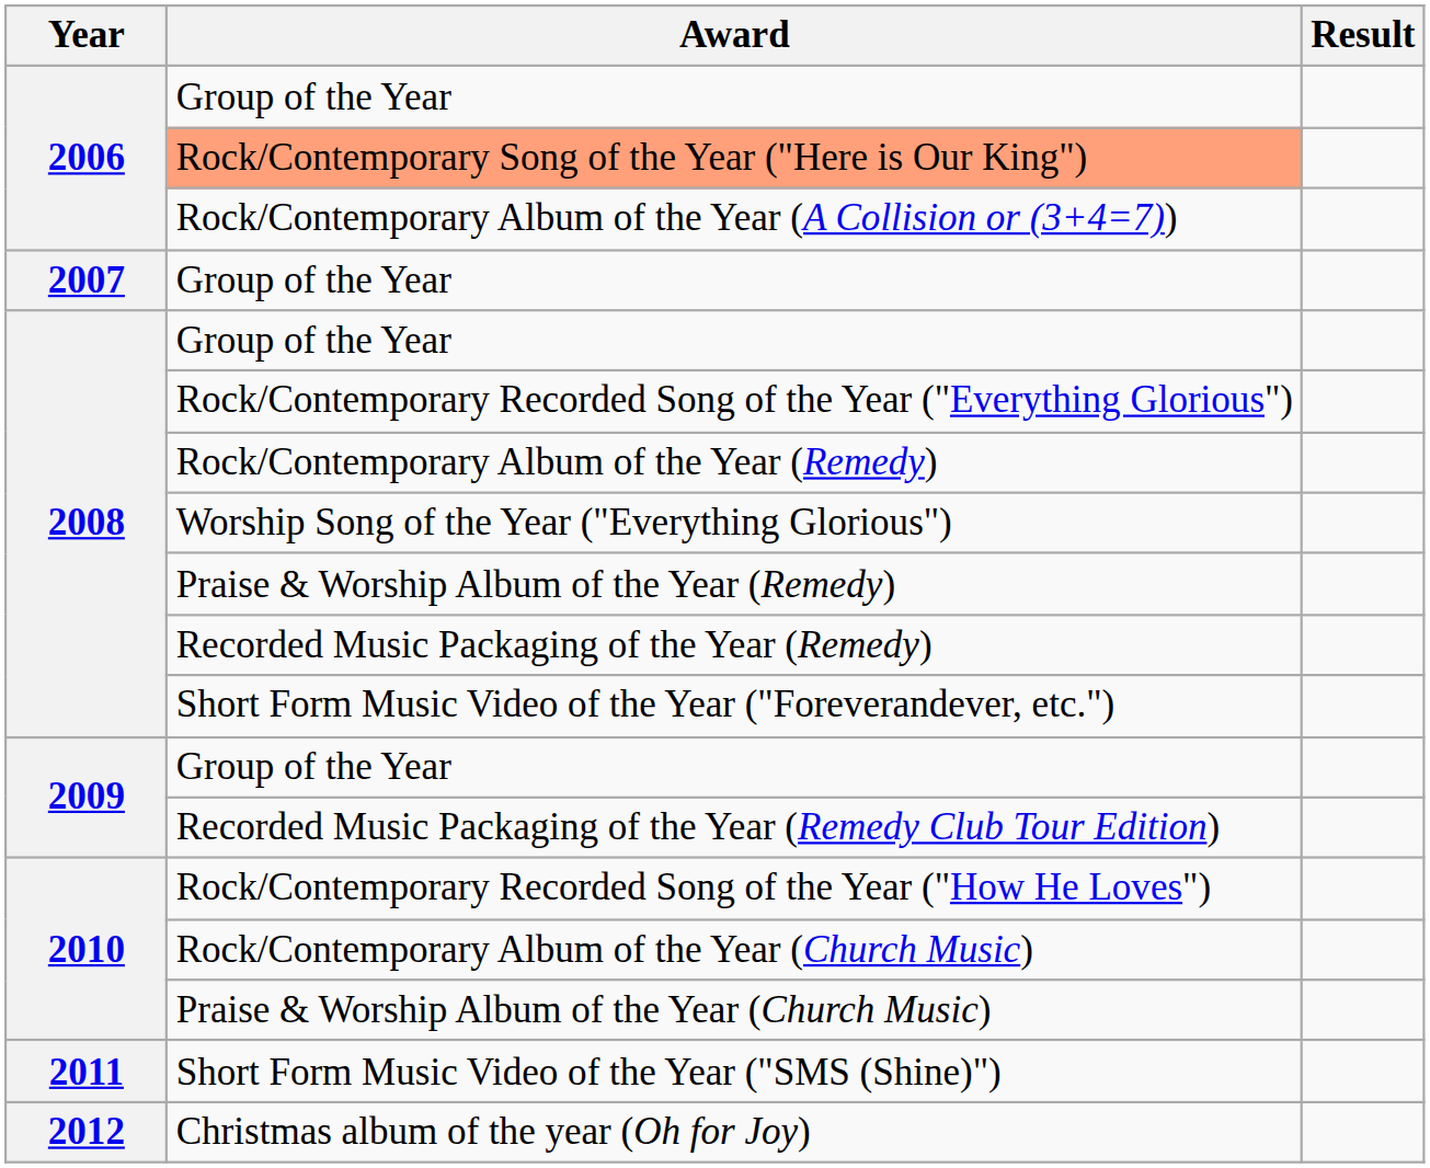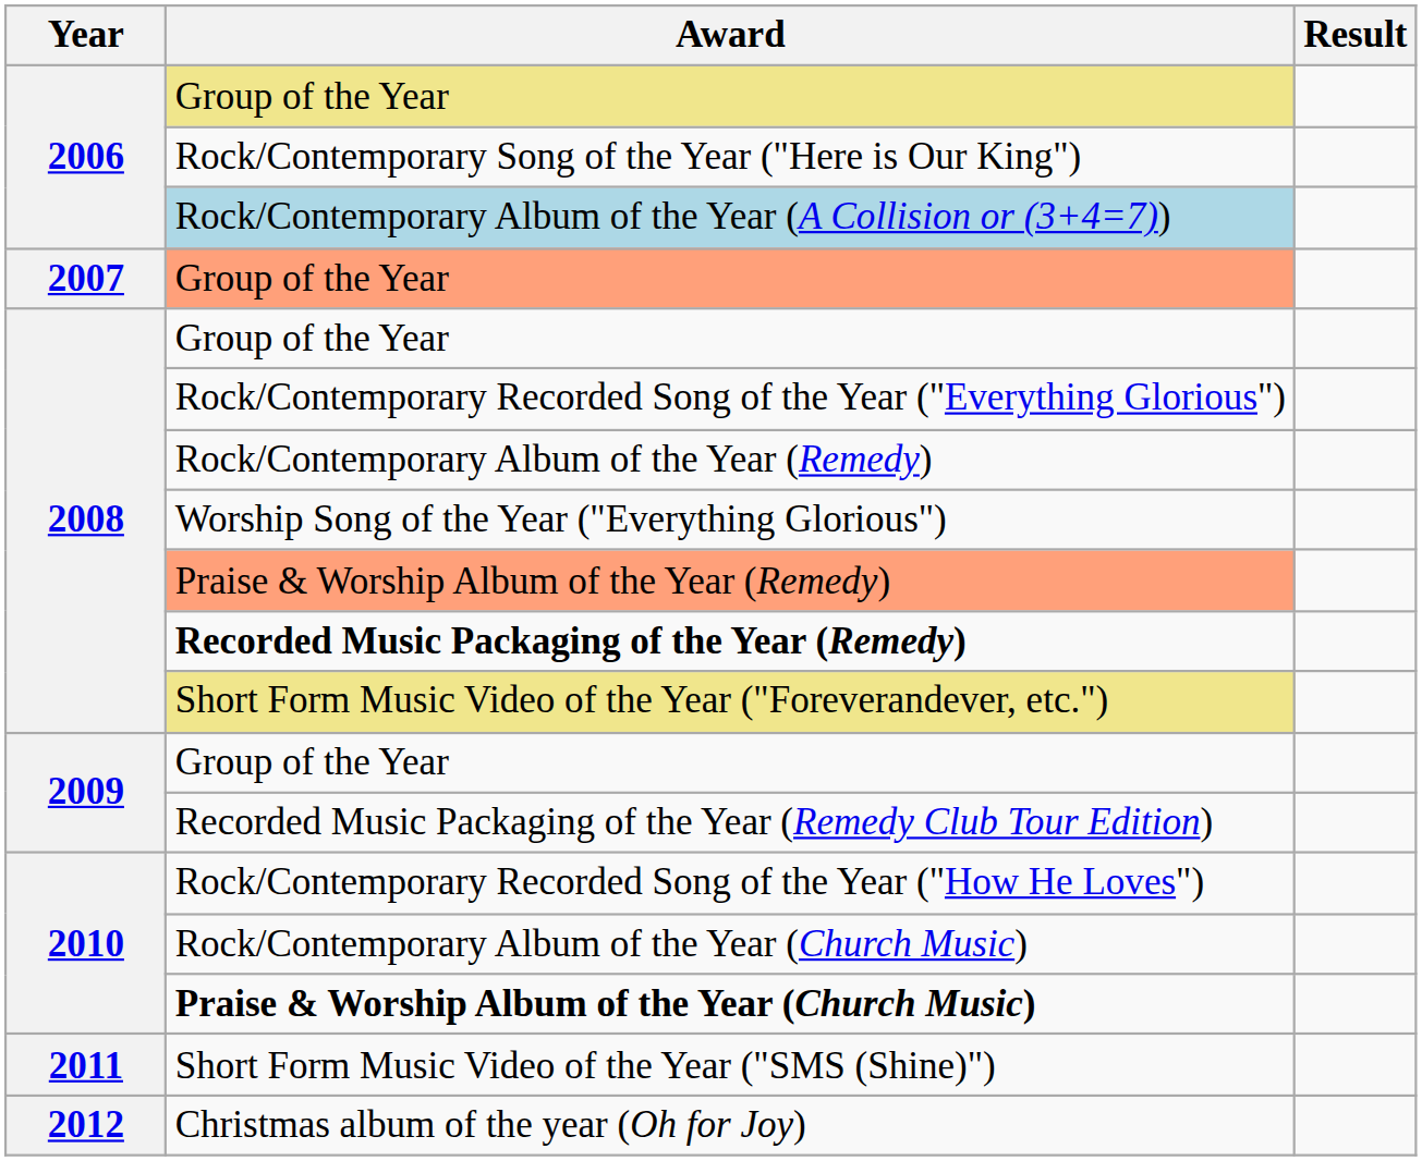 <table class="wikitable">
 <tr>
 <th style="width:60px;">Year</th>
 <th>Award</th>
 <th>Result</th>
 </tr>
 <tr>
 <th rowspan="3"><a href='#'>2006</a></th>
-<td>Group of the Year</td>
+<td style="background: khaki;">Group of the Year</td>
 <td></td>
 </tr>
 <tr>
-<td style="background: lightsalmon;">Rock/Contemporary Song of the Year ("Here is Our King")</td>
+<td>Rock/Contemporary Song of the Year ("Here is Our King")</td>
 <td></td>
 </tr>
 <tr>
-<td>Rock/Contemporary Album of the Year (<em><a href='#'>A Collision or (3+4=7)</a></em>)</td>
+<td style="background: lightblue;">Rock/Contemporary Album of the Year (<em><a href='#'>A Collision or (3+4=7)</a></em>)</td>
 <td></td>
 </tr>
 <tr>
 <th><a href='#'>2007</a></th>
-<td>Group of the Year</td>
+<td style="background: lightsalmon;">Group of the Year</td>
 <td></td>
 </tr>
 <tr>
 <th rowspan="7"><a href='#'>2008</a></th>
 <td>Group of the Year</td>
 <td></td>
 </tr>
 <tr>
 <td>Rock/Contemporary Recorded Song of the Year ("<a href='#'>Everything Glorious</a>")</td>
 <td></td>
 </tr>
 <tr>
 <td>Rock/Contemporary Album of the Year (<em><a href='#'>Remedy</a></em>)</td>
 <td></td>
 </tr>
 <tr>
 <td>Worship Song of the Year ("Everything Glorious")</td>
 <td></td>
 </tr>
 <tr>
-<td>Praise & Worship Album of the Year (<em>Remedy</em>)</td>
+<td style="background: lightsalmon;">Praise & Worship Album of the Year (<em>Remedy</em>)</td>
 <td></td>
 </tr>
 <tr>
-<td>Recorded Music Packaging of the Year (<em>Remedy</em>)</td>
+<td><strong>Recorded Music Packaging of the Year (<em>Remedy</em>)</strong></td>
 <td></td>
 </tr>
 <tr>
-<td>Short Form Music Video of the Year ("Foreverandever, etc.")</td>
+<td style="background: khaki;">Short Form Music Video of the Year ("Foreverandever, etc.")</td>
 <td></td>
 </tr>
 <tr>
 <th rowspan="2"><a href='#'>2009</a></th>
 <td>Group of the Year</td>
 <td></td>
 </tr>
 <tr>
 <td>Recorded Music Packaging of the Year (<em><a href='#'>Remedy Club Tour Edition</a></em>)</td>
 <td></td>
 </tr>
 <tr>
 <th rowspan="3"><a href='#'>2010</a></th>
 <td>Rock/Contemporary Recorded Song of the Year ("<a href='#'>How He Loves</a>")</td>
 <td></td>
 </tr>
 <tr>
 <td>Rock/Contemporary Album of the Year (<em><a href='#'>Church Music</a></em>)</td>
 <td></td>
 </tr>
 <tr>
-<td>Praise & Worship Album of the Year (<em>Church Music</em>)</td>
+<td><strong>Praise & Worship Album of the Year (<em>Church Music</em>)</strong></td>
 <td></td>
 </tr>
 <tr>
 <th><a href='#'>2011</a></th>
 <td>Short Form Music Video of the Year ("SMS (Shine)")</td>
 <td></td>
 </tr>
 <tr>
 <th><a href='#'>2012</a></th>
 <td>Christmas album of the year (<em>Oh for Joy</em>)</td>
 <td></td>
 </tr>
 </table>
